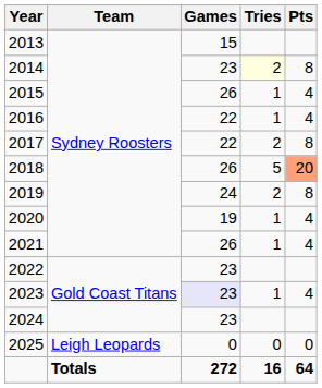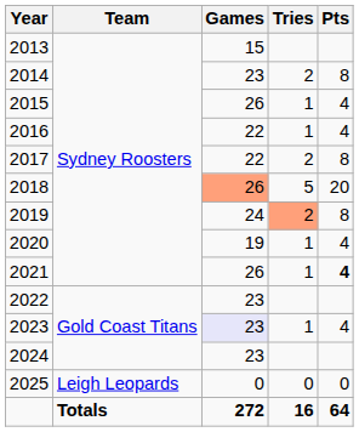 <table class="wikitable">
 <tr>
 <th>Year</th>
 <th>Team</th>
 <th>Games</th>
 <th>Tries</th>
 <th>Pts</th>
 </tr>
 <tr>
 <td align=center>2013</td>
 <td rowspan="9"> <a href='#'>Sydney Roosters</a></td>
 <td align=right>15</td>
 <td align=right></td>
 <td align=right></td>
 </tr>
 <tr>
 <td align=center>2014</td>
 <td align=right>23</td>
-<td align=right style="background: lightyellow;">2</td>
+<td align=right>2</td>
 <td align=right>8</td>
 </tr>
 <tr>
 <td align=center>2015</td>
 <td align=right>26</td>
 <td align=right>1</td>
 <td align=right>4</td>
 </tr>
 <tr>
 <td align=center>2016</td>
 <td align=right>22</td>
 <td align=right>1</td>
 <td align=right>4</td>
 </tr>
 <tr>
 <td align=center>2017</td>
 <td align=right>22</td>
 <td align=right>2</td>
 <td align=right>8</td>
 </tr>
 <tr>
 <td align=center>2018</td>
-<td align=right>26</td>
+<td align=right style="background: lightsalmon;">26</td>
 <td align=right>5</td>
-<td align=right style="background: lightsalmon;">20</td>
+<td align=right>20</td>
 </tr>
 <tr>
 <td align=center>2019</td>
 <td align=right>24</td>
-<td align=right>2</td>
+<td align=right style="background: lightsalmon;">2</td>
 <td align=right>8</td>
 </tr>
 <tr>
 <td align=center>2020</td>
 <td align=right>19</td>
 <td align=right>1</td>
 <td align=right>4</td>
 </tr>
 <tr>
 <td align=center>2021</td>
 <td align=right>26</td>
 <td align=right>1</td>
-<td align=right>4</td>
+<td align=right><strong>4</strong></td>
 </tr>
 <tr>
 <td align=center>2022</td>
 <td rowspan="3"> <a href='#'>Gold Coast Titans</a></td>
 <td align=right>23</td>
 <td align=right></td>
 <td align=right></td>
 </tr>
 <tr>
 <td align=center>2023</td>
 <td align=right style="background: lavender;">23</td>
 <td align=right>1</td>
 <td align=right>4</td>
 </tr>
 <tr>
 <td align=center>2024</td>
 <td align=right>23</td>
 <td align=right></td>
 <td align=right></td>
 </tr>
 <tr>
 <td align=center>2025</td>
 <td align=left> <a href='#'>Leigh Leopards</a></td>
 <td align=right>0</td>
 <td align=right>0</td>
 <td align=right>0</td>
 </tr>
 <tr>
 <td></td>
 <td align=left><strong>Totals</strong></td>
 <td align=right><strong>272</strong></td>
 <td align=right><strong>16</strong></td>
 <td align=right><strong>64</strong></td>
 </tr>
 </table>
